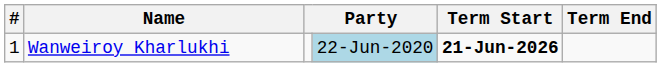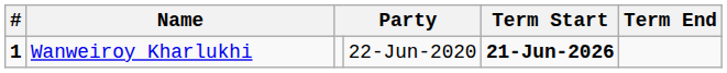 <table class="wikitable sortable">
 <tr>
 <th>#</th>
 <th style="width:200px">Name</th>
 <th colspan="2">Party</th>
 <th>Term Start</th>
 <th>Term End</th>
 </tr>
 <tr>
-<td>1</td>
+<td><strong>1</strong></td>
 <td><a href='#'>Wanweiroy Kharlukhi</a></td>
 <td></td>
-<td style="background: lightblue;">22-Jun-2020</td>
+<td>22-Jun-2020</td>
 <td><strong>21-Jun-2026</strong></td>
 </tr>
 </table>
